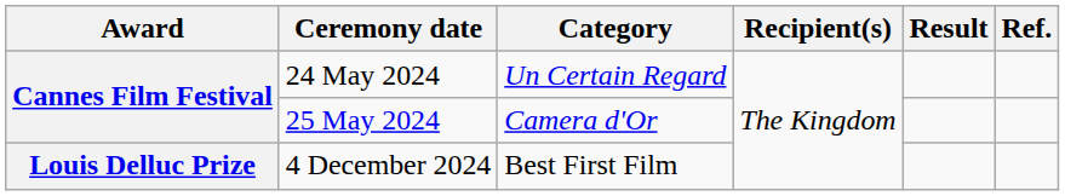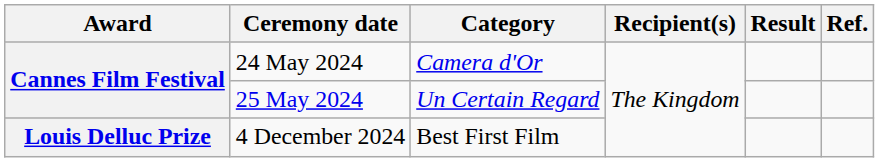 <table class="wikitable sortable plainrowheaders">
 <tr>
 <th scope="col">Award</th>
 <th scope="col">Ceremony date</th>
 <th scope="col">Category</th>
 <th scope="col">Recipient(s)</th>
 <th scope="col">Result</th>
 <th scope="col">Ref.</th>
 </tr>
 <tr>
 <th scope="row" rowspan="2"><a href='#'>Cannes Film Festival</a></th>
 <td>24 May 2024</td>
-<td><em><a href='#'>Un Certain Regard</a></em></td>
+<td><em><a href='#'>Camera d'Or</a></em></td>
 <td rowspan="3"><em>The Kingdom</em></td>
 <td></td>
 <td align="center"></td>
 </tr>
 <tr>
 <td><a href='#'>25 May 2024</a></td>
-<td><em><a href='#'>Camera d'Or</a></em></td>
+<td><em><a href='#'>Un Certain Regard</a></em></td>
 <td></td>
 <td align="center"></td>
 </tr>
 <tr>
 <th scope="row"><a href='#'>Louis Delluc Prize</a></th>
 <td>4 December 2024</td>
 <td>Best First Film</td>
 <td></td>
 <td align="center"></td>
 </tr>
 </table>
